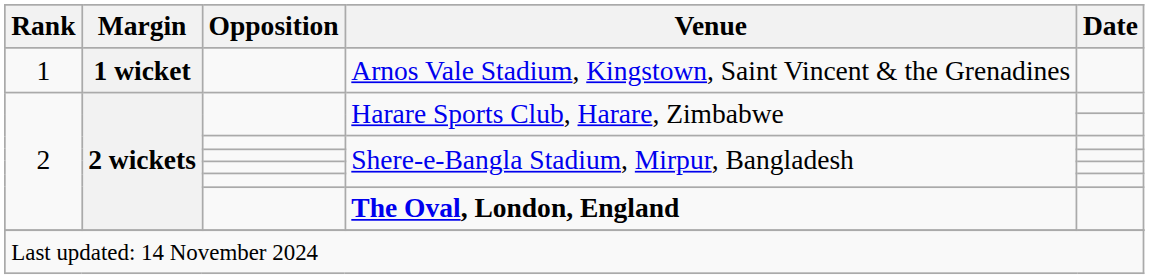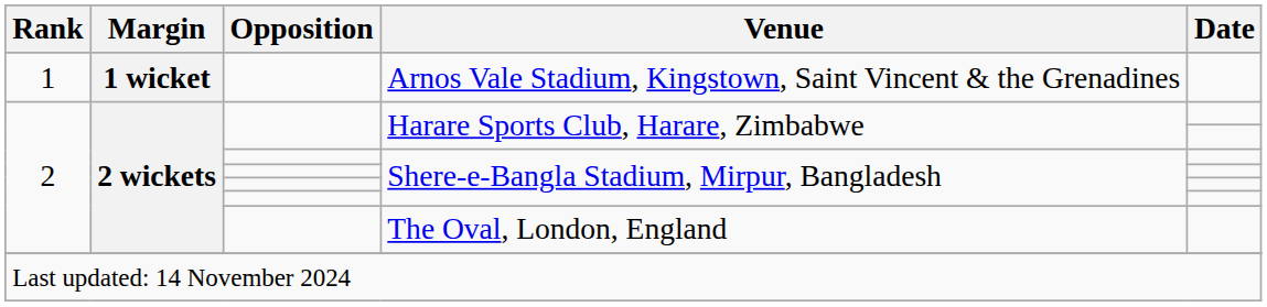 <table class="wikitable plainrowheaders sortable">
 <tr>
 <th scope=col>Rank</th>
 <th scope=col>Margin</th>
 <th scope=col>Opposition</th>
 <th scope=col>Venue</th>
 <th scope=col>Date</th>
 </tr>
 <tr>
 <td align=center>1</td>
 <th scope=row style=text-align:center>1 wicket</th>
 <td></td>
 <td><a href='#'>Arnos Vale Stadium</a>, <a href='#'>Kingstown</a>, Saint Vincent & the Grenadines</td>
 <td></td>
 </tr>
 <tr>
 <td align=center rowspan=7>2</td>
 <th scope=row style=text-align:center rowspan=7>2 wickets</th>
 <td rowspan=2></td>
 <td rowspan=2><a href='#'>Harare Sports Club</a>, <a href='#'>Harare</a>, Zimbabwe</td>
 <td></td>
 </tr>
 <tr>
 <td></td>
 </tr>
 <tr>
 <td></td>
 <td rowspan=4><a href='#'>Shere-e-Bangla Stadium</a>, <a href='#'>Mirpur</a>, Bangladesh</td>
 <td></td>
 </tr>
 <tr>
 <td></td>
 <td></td>
 </tr>
 <tr>
 <td></td>
 <td></td>
 </tr>
 <tr>
 <td></td>
 <td></td>
 </tr>
 <tr>
 <td></td>
-<td><strong><a href='#'>The Oval</a>, London, England</strong></td>
+<td><a href='#'>The Oval</a>, London, England</td>
 <td> </td>
 </tr>
 <tr>
 </tr>
 <tr class=sortbottom>
 <td colspan=5><small>Last updated: 14 November 2024</small></td>
 </tr>
 </table>
